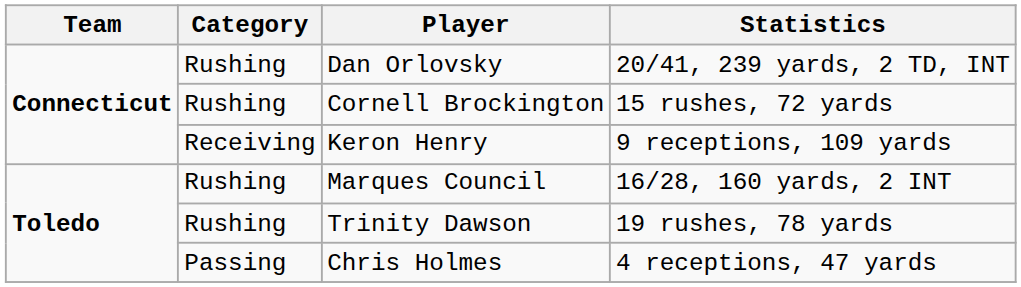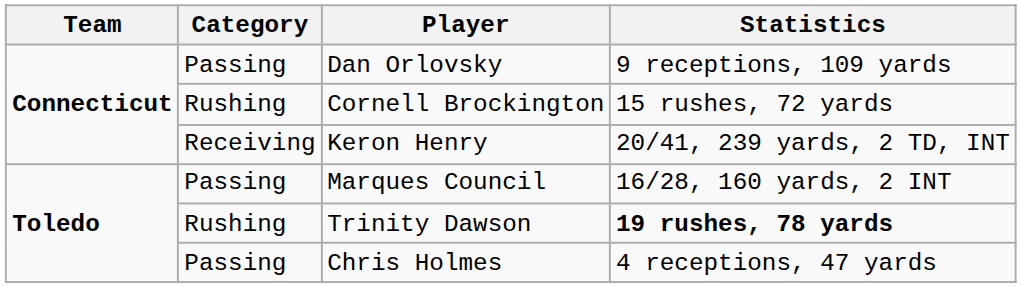 <table class="wikitable" style="float: right;">
 <tr>
 <th>Team</th>
 <th>Category</th>
 <th>Player</th>
 <th>Statistics</th>
 </tr>
 <tr>
 <td rowspan=3><strong>Connecticut</strong></td>
-<td>Rushing</td>
+<td>Passing</td>
 <td>Dan Orlovsky</td>
-<td>20/41, 239 yards, 2 TD, INT</td>
+<td>9 receptions, 109 yards</td>
 </tr>
 <tr>
 <td>Rushing</td>
 <td>Cornell Brockington</td>
 <td>15 rushes, 72 yards</td>
 </tr>
 <tr>
 <td>Receiving</td>
 <td>Keron Henry</td>
-<td>9 receptions, 109 yards</td>
+<td>20/41, 239 yards, 2 TD, INT</td>
 </tr>
 <tr>
 <td rowspan=3><strong>Toledo</strong></td>
-<td>Rushing</td>
+<td>Passing</td>
 <td>Marques Council</td>
 <td>16/28, 160 yards, 2 INT</td>
 </tr>
 <tr>
 <td>Rushing</td>
 <td>Trinity Dawson</td>
-<td>19 rushes, 78 yards</td>
+<td><strong>19 rushes, 78 yards</strong></td>
 </tr>
 <tr>
 <td>Passing</td>
 <td>Chris Holmes</td>
 <td>4 receptions, 47 yards</td>
 </tr>
 </table>
